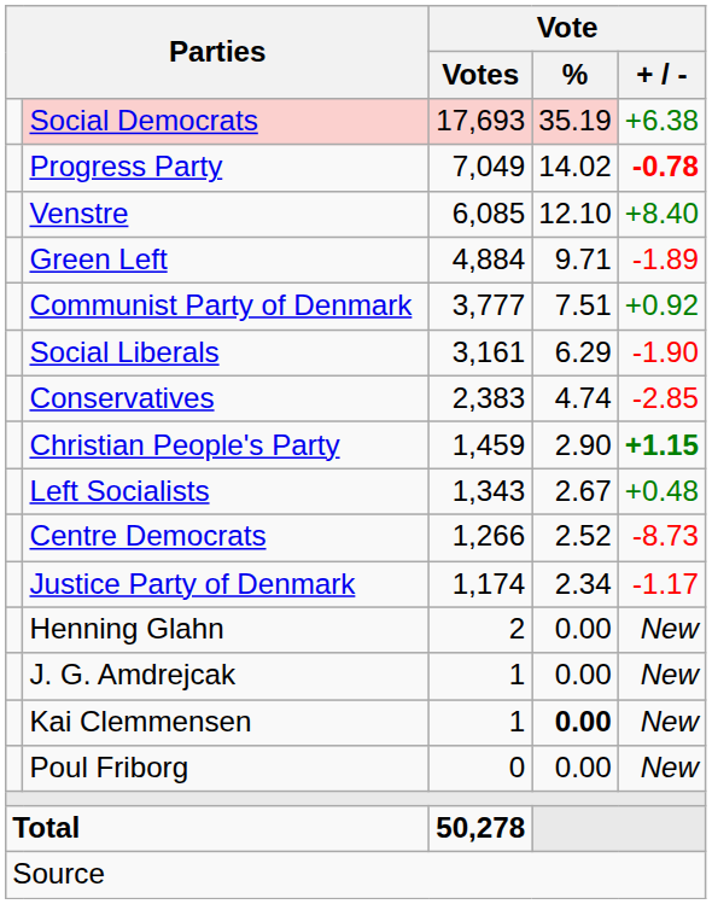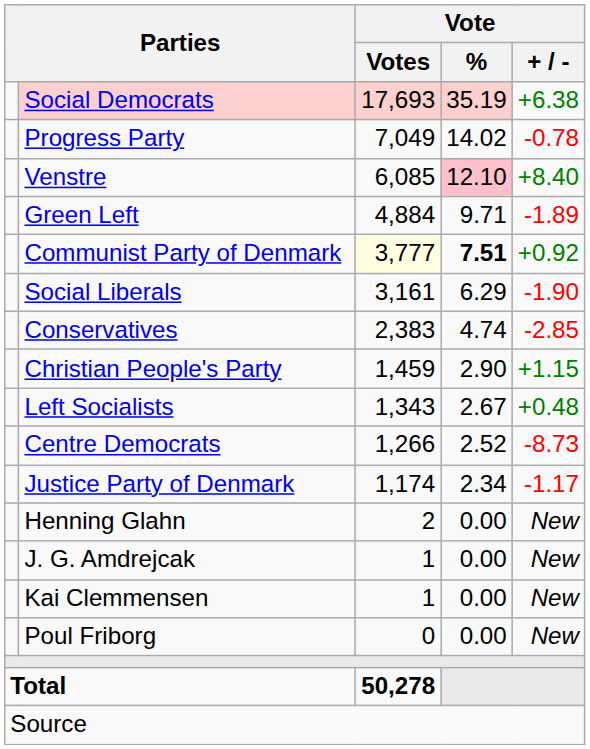 <table class="wikitable" style="text-align:right;">
 <tr>
 <th style="text-align:centre;" rowspan="2" colspan="2" width="225">Parties</th>
 <th colspan="3">Vote</th>
 </tr>
 <tr>
 <th width="15">Votes</th>
 <th width="15">%</th>
 <th width="15">+ / -</th>
 </tr>
 <tr>
 <td width="2" style="color:inherit;background:"></td>
 <td bgcolor=#fbd0ce  align="left"><a href='#'>Social Democrats</a></td>
 <td bgcolor=#fbd0ce>17,693</td>
 <td bgcolor=#fbd0ce>35.19</td>
 <td style=color:green;>+6.38</td>
 </tr>
 <tr>
 <td width="2" style="color:inherit;background:"></td>
 <td align="left"><a href='#'>Progress Party</a></td>
 <td>7,049</td>
 <td>14.02</td>
-<td style=color:red;><strong>-0.78</strong></td>
+<td style=color:red;>-0.78</td>
 </tr>
 <tr>
 <td width="2" style="color:inherit;background:"></td>
 <td align="left"><a href='#'>Venstre</a></td>
 <td>6,085</td>
-<td>12.10</td>
+<td style="background: pink;">12.10</td>
 <td style=color:green;>+8.40</td>
 </tr>
 <tr>
 <td width="2" style="color:inherit;background:"></td>
 <td align="left"><a href='#'>Green Left</a></td>
 <td>4,884</td>
 <td>9.71</td>
 <td style=color:red;>-1.89</td>
 </tr>
 <tr>
 <td width="2" style="color:inherit;background:"></td>
 <td align="left"><a href='#'>Communist Party of Denmark</a></td>
-<td>3,777</td>
-<td>7.51</td>
+<td style="background: lightyellow;">3,777</td>
+<td><strong>7.51</strong></td>
 <td style=color:green;>+0.92</td>
 </tr>
 <tr>
 <td width="2" style="color:inherit;background:"></td>
 <td align="left"><a href='#'>Social Liberals</a></td>
 <td>3,161</td>
 <td>6.29</td>
 <td style=color:red;>-1.90</td>
 </tr>
 <tr>
 <td width="2" style="color:inherit;background:"></td>
 <td align="left"><a href='#'>Conservatives</a></td>
 <td>2,383</td>
 <td>4.74</td>
 <td style=color:red;>-2.85</td>
 </tr>
 <tr>
 <td width="2" style="color:inherit;background:"></td>
 <td align="left"><a href='#'>Christian People's Party</a></td>
 <td>1,459</td>
 <td>2.90</td>
-<td style=color:green;><strong>+1.15</strong></td>
+<td style=color:green;>+1.15</td>
 </tr>
 <tr>
 <td width="2" style="color:inherit;background:"></td>
 <td align="left"><a href='#'>Left Socialists</a></td>
 <td>1,343</td>
 <td>2.67</td>
 <td style=color:green;>+0.48</td>
 </tr>
 <tr>
 <td width="2" style="color:inherit;background:"></td>
 <td align="left"><a href='#'>Centre Democrats</a></td>
 <td>1,266</td>
 <td>2.52</td>
 <td style=color:red;>-8.73</td>
 </tr>
 <tr>
 <td width="2" style="color:inherit;background:"></td>
 <td align="left"><a href='#'>Justice Party of Denmark</a></td>
 <td>1,174</td>
 <td>2.34</td>
 <td style=color:red;>-1.17</td>
 </tr>
 <tr>
 <td width="2" style="color:inherit;background:"></td>
 <td align="left">Henning Glahn</td>
 <td>2</td>
 <td>0.00</td>
 <td><em>New</em></td>
 </tr>
 <tr>
 <td width="2" style="color:inherit;background:"></td>
 <td align="left">J. G. Amdrejcak</td>
 <td>1</td>
 <td>0.00</td>
 <td><em>New</em></td>
 </tr>
 <tr>
 <td width="2" style="color:inherit;background:"></td>
 <td align="left">Kai Clemmensen</td>
 <td>1</td>
-<td><strong>0.00</strong></td>
+<td>0.00</td>
 <td><em>New</em></td>
 </tr>
 <tr>
 <td width="2" style="color:inherit;background:"></td>
 <td align="left">Poul Friborg</td>
 <td>0</td>
 <td>0.00</td>
 <td><em>New</em></td>
 </tr>
 <tr>
 <td colspan="7" bgcolor="#E9E9E9"></td>
 </tr>
 <tr>
 <td align="left" colspan="2"><strong>Total</strong></td>
 <td><strong>50,278</strong></td>
 <td bgcolor="#E9E9E9" colspan="2"></td>
 </tr>
 <tr>
 <td align="left" colspan="6">Source</td>
 </tr>
 </table>
